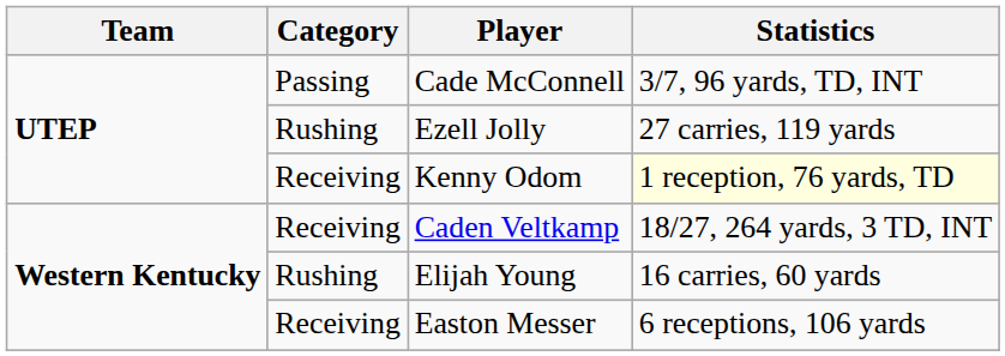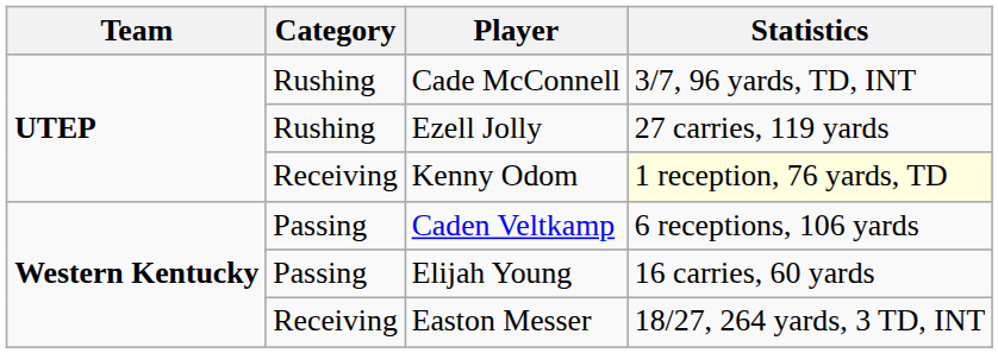 <table class="wikitable" style="float: right;">
 <tr>
 <th>Team</th>
 <th>Category</th>
 <th>Player</th>
 <th>Statistics</th>
 </tr>
 <tr>
 <td rowspan=3><strong>UTEP</strong></td>
-<td>Passing</td>
+<td>Rushing</td>
 <td>Cade McConnell</td>
 <td>3/7, 96 yards, TD, INT</td>
 </tr>
 <tr>
 <td>Rushing</td>
 <td>Ezell Jolly</td>
 <td>27 carries, 119 yards</td>
 </tr>
 <tr>
 <td>Receiving</td>
 <td>Kenny Odom</td>
 <td style="background: lightyellow;">1 reception, 76 yards, TD</td>
 </tr>
 <tr>
 <td rowspan=3><strong>Western Kentucky</strong></td>
-<td>Receiving</td>
+<td>Passing</td>
 <td><a href='#'>Caden Veltkamp</a></td>
-<td>18/27, 264 yards, 3 TD, INT</td>
+<td>6 receptions, 106 yards</td>
 </tr>
 <tr>
-<td>Rushing</td>
+<td>Passing</td>
 <td>Elijah Young</td>
 <td>16 carries, 60 yards</td>
 </tr>
 <tr>
 <td>Receiving</td>
 <td>Easton Messer</td>
-<td>6 receptions, 106 yards</td>
+<td>18/27, 264 yards, 3 TD, INT</td>
 </tr>
 </table>
